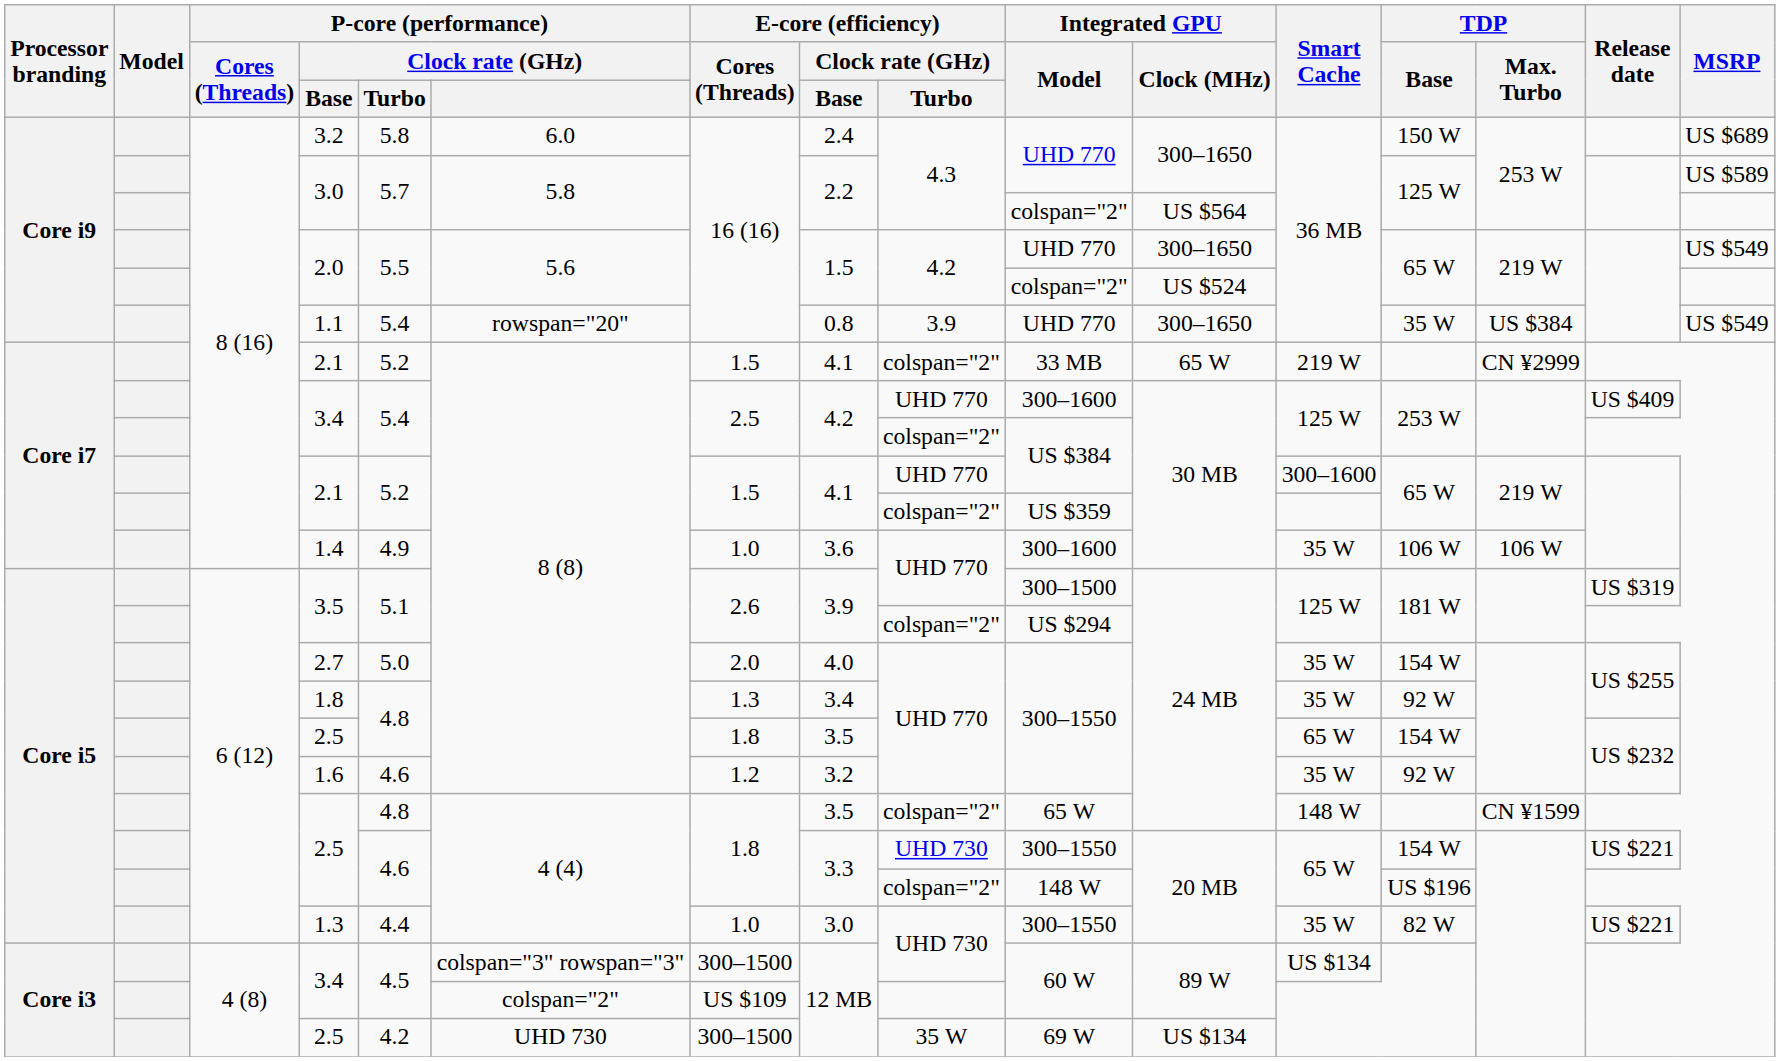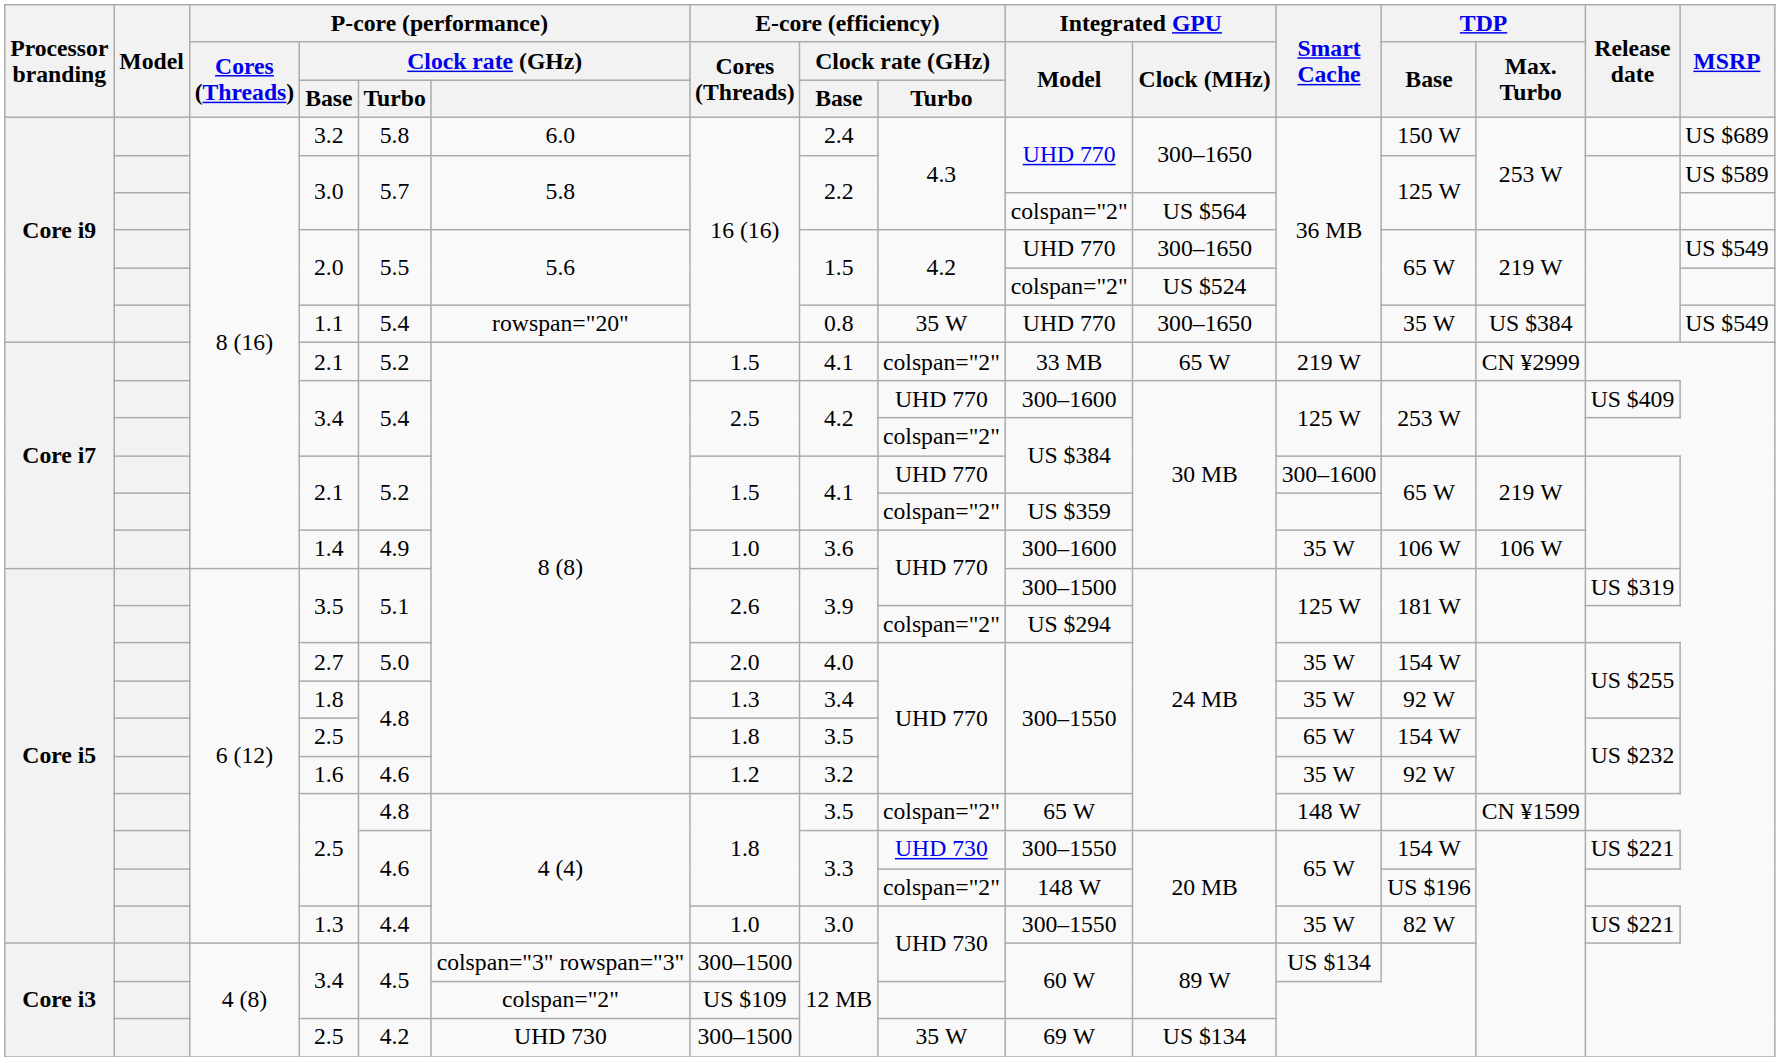 <table class="wikitable sortable nowrap" style="text-align: center;">
 <tr>
 <th class="unsortable" rowspan="3">Processor<br>branding</th>
 <th rowspan="3">Model</th>
 <th colspan="4">P-core (performance)</th>
 <th colspan="3">E-core (efficiency)</th>
 <th colspan="2">Integrated <a href='#'>GPU</a></th>
 <th class="unsortable" rowspan="3"><a href='#'>Smart<br>Cache</a></th>
 <th colspan="2"><a href='#'>TDP</a></th>
 <th rowspan="3">Release<br>date</th>
 <th class="unsortable" rowspan="3"><a href='#'>MSRP</a></th>
 </tr>
 <tr>
 <th class="unsortable" rowspan="2"><a href='#'>Cores</a><br>(<a href='#'>Threads</a>)</th>
 <th colspan="3"><a href='#'>Clock rate</a> (GHz)</th>
 <th class="unsortable" rowspan="2">Cores<br>(Threads)</th>
 <th colspan="2">Clock rate (GHz)</th>
 <th class="unsortable" rowspan="2">Model</th>
 <th class="unsortable" rowspan="2">Clock (MHz)</th>
 <th rowspan="2">Base</th>
 <th class="unsortable" rowspan="2">Max.<br>Turbo</th>
 </tr>
 <tr>
 <th class="unsortable">Base</th>
 <th class="unsortable">Turbo</th>
 <th class="unsortable"></th>
 <th class="unsortable">Base</th>
 <th class="unsortable">Turbo</th>
 </tr>
 <tr>
 <th rowspan="6">Core i9</th>
 <th style="text-align:left;" data-sort-value="sku25"></th>
 <td rowspan="12">8 (16)</td>
 <td>3.2</td>
 <td>5.8</td>
 <td>6.0</td>
 <td rowspan="6">16 (16)</td>
 <td>2.4</td>
 <td rowspan="3">4.3</td>
 <td rowspan="2"><a href='#'>UHD 770</a></td>
 <td rowspan="2">300–1650</td>
 <td rowspan="6">36 MB</td>
 <td>150 W</td>
 <td rowspan="3">253 W</td>
 <td></td>
 <td>US $689</td>
 </tr>
 <tr>
 <th style="text-align:left;" data-sort-value="sku24"></th>
 <td rowspan="2">3.0</td>
 <td rowspan="2">5.7</td>
 <td rowspan="2">5.8</td>
 <td rowspan="2">2.2</td>
 <td rowspan="2">125 W</td>
 <td rowspan="2"></td>
 <td>US $589</td>
 </tr>
 <tr>
 <th style="text-align:left;" data-sort-value="sku23"></th>
 <td>colspan="2" </td>
 <td>US $564</td>
 </tr>
 <tr>
 <th style="text-align:left;" data-sort-value="sku22"></th>
 <td rowspan="2">2.0</td>
 <td rowspan="2">5.5</td>
 <td rowspan="2">5.6</td>
 <td rowspan="2">1.5</td>
 <td rowspan="2">4.2</td>
 <td>UHD 770</td>
 <td>300–1650</td>
 <td rowspan="2">65 W</td>
 <td rowspan="2">219 W</td>
 <td rowspan="3"></td>
 <td>US $549</td>
 </tr>
 <tr>
 <th style="text-align:left;" data-sort-value="sku21"></th>
 <td>colspan="2" </td>
 <td>US $524</td>
 </tr>
 <tr>
 <th style="text-align:left;" data-sort-value="sku20"></th>
 <td>1.1</td>
 <td>5.4</td>
 <td>rowspan="20" </td>
 <td>0.8</td>
-<td>3.9</td>
+<td>35 W</td>
 <td>UHD 770</td>
 <td>300–1650</td>
 <td>35 W</td>
 <td>US $384</td>
 <td>US $549</td>
 </tr>
 <tr>
 <th rowspan="6">Core i7</th>
 <th style="text-align:left;" data-sort-value="sku19"></th>
 <td>2.1</td>
 <td>5.2</td>
 <td rowspan="12">8 (8)</td>
 <td>1.5</td>
 <td>4.1</td>
 <td>colspan="2" </td>
 <td>33 MB</td>
 <td>65 W</td>
 <td>219 W</td>
 <td></td>
 <td>CN ¥2999</td>
 </tr>
 <tr>
 <th style="text-align:left;" data-sort-value="sku18"></th>
 <td rowspan="2">3.4</td>
 <td rowspan="2">5.4</td>
 <td rowspan="2">2.5</td>
 <td rowspan="2">4.2</td>
 <td>UHD 770</td>
 <td>300–1600</td>
 <td rowspan="5">30 MB</td>
 <td rowspan="2">125 W</td>
 <td rowspan="2">253 W</td>
 <td rowspan="2"></td>
 <td>US $409</td>
 </tr>
 <tr>
 <th style="text-align:left;" data-sort-value="sku17"></th>
 <td>colspan="2" </td>
 <td rowspan="2">US $384</td>
 </tr>
 <tr>
 <th style="text-align:left;" data-sort-value="sku16"></th>
 <td rowspan="2">2.1</td>
 <td rowspan="2">5.2</td>
 <td rowspan="2">1.5</td>
 <td rowspan="2">4.1</td>
 <td>UHD 770</td>
 <td>300–1600</td>
 <td rowspan="2">65 W</td>
 <td rowspan="2">219 W</td>
 <td rowspan="3"></td>
 </tr>
 <tr>
 <th style="text-align:left;" data-sort-value="sku15"></th>
 <td>colspan="2" </td>
 <td>US $359</td>
 </tr>
 <tr>
 <th style="text-align:left;" data-sort-value="sku14"></th>
 <td>1.4</td>
 <td>4.9</td>
 <td>1.0</td>
 <td>3.6</td>
 <td rowspan="2">UHD 770</td>
 <td>300–1600</td>
 <td>35 W</td>
 <td>106 W</td>
 <td>106 W</td>
 </tr>
 <tr>
 <th rowspan="10">Core i5</th>
 <th style="text-align:left;" data-sort-value="sku13"></th>
 <td rowspan="10">6 (12)</td>
 <td rowspan="2">3.5</td>
 <td rowspan="2">5.1</td>
 <td rowspan="2">2.6</td>
 <td rowspan="2">3.9</td>
 <td>300–1500</td>
 <td rowspan="7">24 MB</td>
 <td rowspan="2">125 W</td>
 <td rowspan="2">181 W</td>
 <td rowspan="2"></td>
 <td>US $319</td>
 </tr>
 <tr>
 <th style="text-align:left;" data-sort-value="sku12"></th>
 <td>colspan="2" </td>
 <td>US $294</td>
 </tr>
 <tr>
 <th style="text-align:left;" data-sort-value="sku11"></th>
 <td>2.7</td>
 <td>5.0</td>
 <td>2.0</td>
 <td>4.0</td>
 <td rowspan="4">UHD 770</td>
 <td rowspan="4">300–1550</td>
 <td>35 W</td>
 <td>154 W</td>
 <td rowspan="4"></td>
 <td rowspan="2">US $255</td>
 </tr>
 <tr>
 <th style="text-align:left;" data-sort-value="sku10"></th>
 <td>1.8</td>
 <td rowspan="2">4.8</td>
 <td>1.3</td>
 <td>3.4</td>
 <td>35 W</td>
 <td>92 W</td>
 </tr>
 <tr>
 <th style="text-align:left;" data-sort-value="sku9"></th>
 <td>2.5</td>
 <td>1.8</td>
 <td>3.5</td>
 <td>65 W</td>
 <td>154 W</td>
 <td rowspan=2>US $232</td>
 </tr>
 <tr>
 <th style="text-align:left;" data-sort-value="sku8"></th>
 <td>1.6</td>
 <td>4.6</td>
 <td>1.2</td>
 <td>3.2</td>
 <td>35 W</td>
 <td>92 W</td>
 </tr>
 <tr>
 <th style="text-align:left;" data-sort-value="sku7"></th>
 <td rowspan="3">2.5</td>
 <td>4.8</td>
 <td rowspan="4">4 (4)</td>
 <td rowspan="3">1.8</td>
 <td>3.5</td>
 <td>colspan="2" </td>
 <td>65 W</td>
 <td>148 W</td>
 <td></td>
 <td>CN ¥1599</td>
 </tr>
 <tr>
 <th style="text-align:left;" data-sort-value="sku6"></th>
 <td rowspan="2">4.6</td>
 <td rowspan="2">3.3</td>
 <td><a href='#'>UHD 730</a></td>
 <td>300–1550</td>
 <td rowspan="3">20 MB</td>
 <td rowspan="2">65 W</td>
 <td>154 W</td>
 <td rowspan="6"></td>
 <td>US $221</td>
 </tr>
 <tr>
 <th style="text-align:left;" data-sort-value="sku5"></th>
 <td>colspan="2" </td>
 <td>148 W</td>
 <td>US $196</td>
 </tr>
 <tr>
 <th style="text-align:left;" data-sort-value="sku4"></th>
 <td>1.3</td>
 <td>4.4</td>
 <td>1.0</td>
 <td>3.0</td>
 <td rowspan="2">UHD 730</td>
 <td>300–1550</td>
 <td>35 W</td>
 <td>82 W</td>
 <td>US $221</td>
 </tr>
 <tr>
 <th rowspan="3">Core i3</th>
 <th style="text-align:left;" data-sort-value="sku3"></th>
 <td rowspan="3">4 (8)</td>
 <td rowspan="2">3.4</td>
 <td rowspan="2">4.5</td>
 <td>colspan="3" rowspan="3" </td>
 <td>300–1500</td>
 <td rowspan="3">12 MB</td>
 <td rowspan="2">60 W</td>
 <td rowspan="2">89 W</td>
 <td>US $134</td>
 </tr>
 <tr>
 <th style="text-align:left;" data-sort-value="sku2"></th>
 <td>colspan="2" </td>
 <td>US $109</td>
 </tr>
 <tr>
 <th style="text-align:left;" data-sort-value="sku1"></th>
 <td>2.5</td>
 <td>4.2</td>
 <td>UHD 730</td>
 <td>300–1500</td>
 <td>35 W</td>
 <td>69 W</td>
 <td>US $134</td>
 </tr>
 </table>
